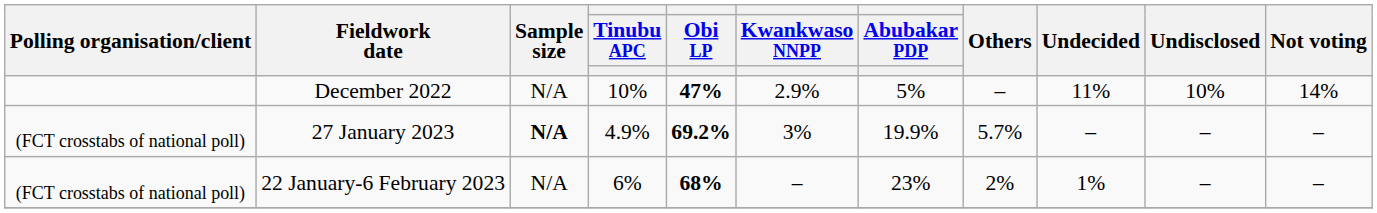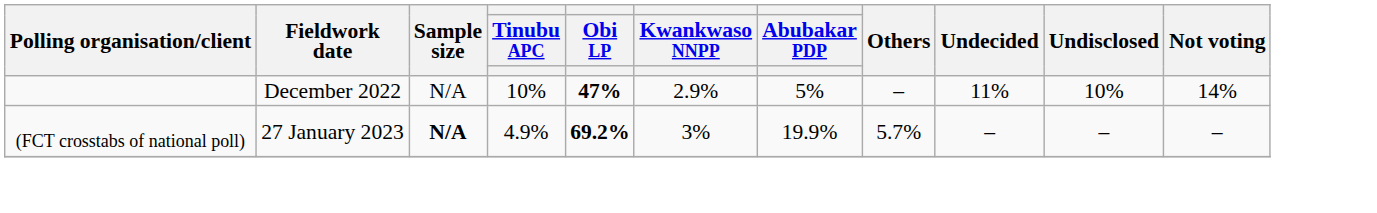 <table class="wikitable" style="text-align:center;font-size:95%;line-height:14px;">
 <tr>
 <th rowspan="3">Polling organisation/client</th>
 <th rowspan="3">Fieldwork<br>date</th>
 <th rowspan="3">Sample<br>size</th>
 <th></th>
 <th></th>
 <th></th>
 <th></th>
 <th rowspan="3">Others</th>
 <th rowspan="3">Undecided</th>
 <th rowspan="3">Undisclosed</th>
 <th rowspan="3">Not voting</th>
 </tr>
 <tr>
 <th><a href='#'>Tinubu</a><br><small><a href='#'>APC</a></small></th>
 <th><a href='#'>Obi</a><br><small><a href='#'>LP</a></small></th>
 <th><a href='#'>Kwankwaso</a><br><small><a href='#'>NNPP</a></small></th>
 <th><a href='#'>Abubakar</a><br><small><a href='#'>PDP</a></small></th>
 </tr>
 <tr>
 <th style="background:"></th>
 <th style="background:"></th>
 <th style="background:"></th>
 <th style="background:"></th>
 </tr>
 <tr>
 <td></td>
 <td>December 2022</td>
 <td>N/A</td>
 <td>10%</td>
 <td><strong>47%</strong></td>
 <td>2.9%</td>
 <td>5%</td>
 <td>–</td>
 <td>11%</td>
 <td>10%</td>
 <td>14%</td>
 </tr>
 <tr>
 <td><br><small>(FCT crosstabs of national poll)</small></td>
 <td>27 January 2023</td>
 <td><strong>N/A</strong></td>
 <td>4.9%</td>
 <td><strong>69.2%</strong></td>
 <td>3%</td>
 <td>19.9%</td>
 <td>5.7%</td>
 <td>–</td>
 <td>–</td>
 <td>–</td>
 </tr>
 <tr>
-<td><br><small>(FCT crosstabs of national poll)</small></td>
-<td>22 January-6 February 2023</td>
-<td>N/A</td>
-<td>6%</td>
-<td><strong>68%</strong></td>
-<td>–</td>
-<td>23%</td>
-<td>2%</td>
-<td>1%</td>
-<td>–</td>
-<td>–</td>
-</tr>
-<tr>
 </tr>
 </table>
